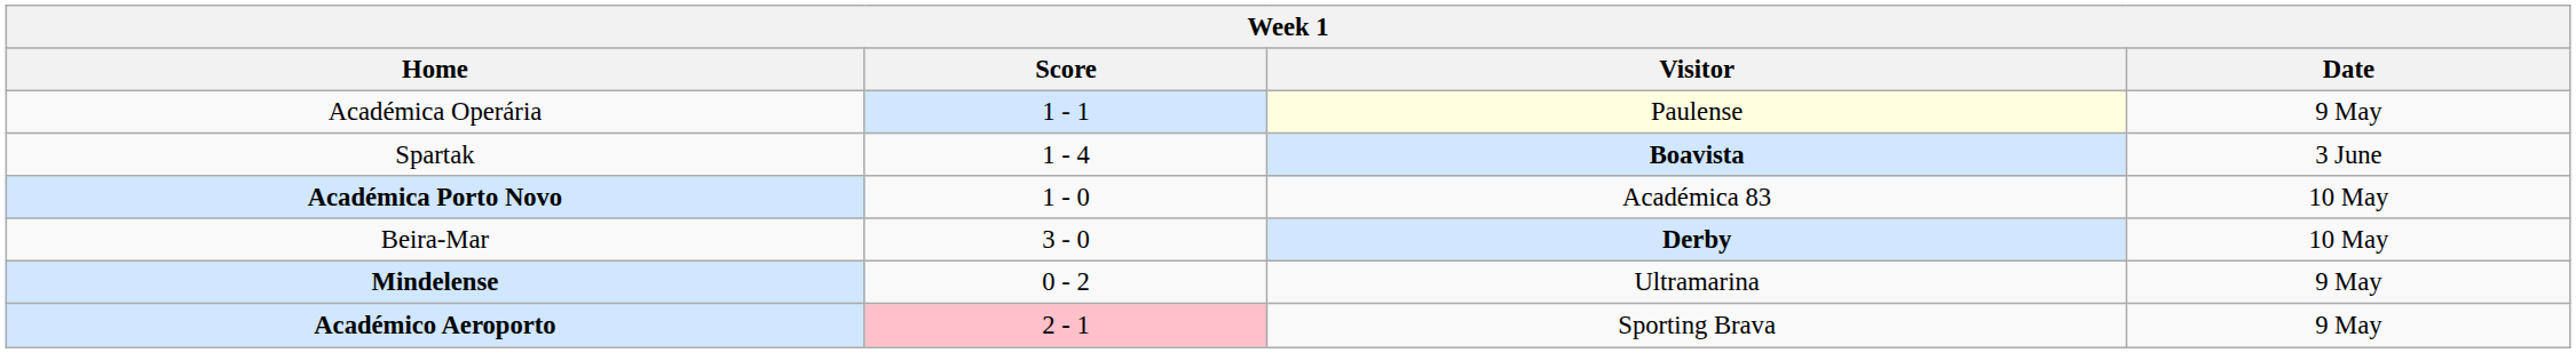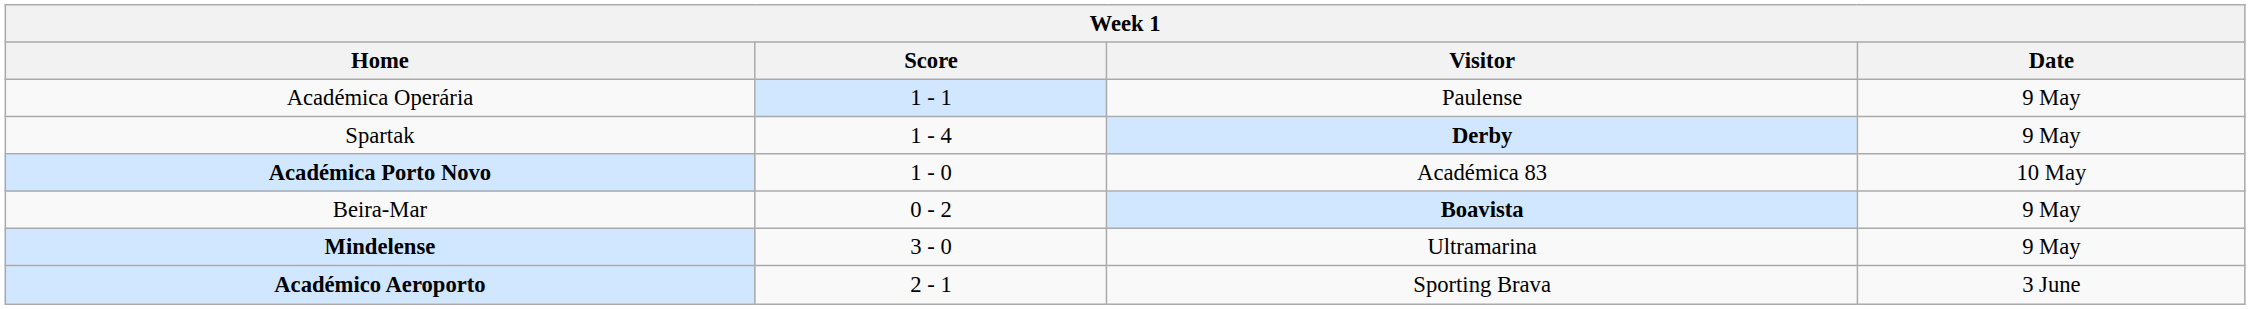 <table class="wikitable" style="margin:1em auto; font-size:95%; text-align: center; width: 95%;">
 <tr>
 <th colspan="12" style="with: 100%;">Week 1</th>
 </tr>
 <tr>
 <th width="200">Home</th>
 <th width="90">Score</th>
 <th width="200">Visitor</th>
 <th width="100">Date</th>
 </tr>
 <tr>
 <td>Académica Operária</td>
 <td bgcolor=#D0E7FF>1 - 1</td>
-<td style="background: lightyellow;">Paulense</td>
+<td>Paulense</td>
 <td>9 May</td>
 </tr>
 <tr>
 <td>Spartak</td>
 <td>1 - 4</td>
-<td bgcolor=#D0E7FF><strong>Boavista</strong></td>
-<td>3 June</td>
+<td bgcolor=#D0E7FF><strong>Derby</strong></td>
+<td>9 May</td>
 </tr>
 <tr>
 <td bgcolor=#D0E7FF><strong>Académica Porto Novo</strong></td>
 <td>1 - 0</td>
 <td>Académica 83</td>
 <td>10 May</td>
 </tr>
 <tr>
 <td>Beira-Mar</td>
-<td>3 - 0</td>
-<td bgcolor=#D0E7FF><strong>Derby</strong></td>
-<td>10 May</td>
+<td>0 - 2</td>
+<td bgcolor=#D0E7FF><strong>Boavista</strong></td>
+<td>9 May</td>
 </tr>
 <tr>
 <td bgcolor=#D0E7FF><strong>Mindelense</strong></td>
-<td>0 - 2</td>
+<td>3 - 0</td>
 <td>Ultramarina</td>
 <td>9 May</td>
 </tr>
 <tr>
 <td bgcolor=#D0E7FF><strong>Académico Aeroporto</strong></td>
-<td style="background: pink;">2 - 1</td>
+<td>2 - 1</td>
 <td>Sporting Brava</td>
-<td>9 May</td>
+<td>3 June</td>
 </tr>
 </table>
